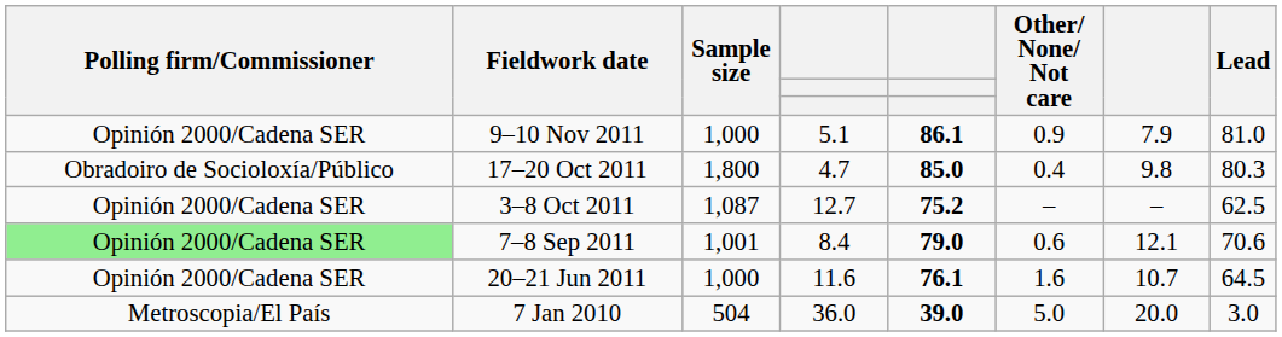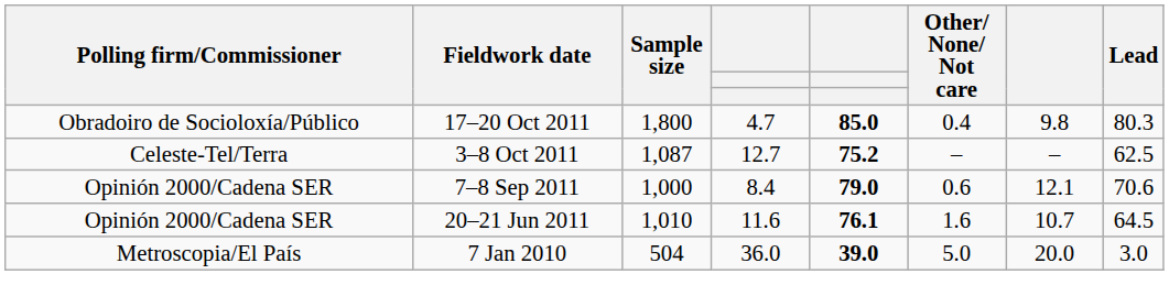 <table class="wikitable collapsible collapsed" style="text-align:center; font-size:90%; line-height:14px;">
 <tr style="height:42px;">
 <th style="width:250px;" rowspan="3">Polling firm/Commissioner</th>
 <th style="width:125px;" rowspan="3">Fieldwork date</th>
 <th style="width:50px;" rowspan="3">Sample size</th>
 <th style="width:55px;"></th>
 <th style="width:55px;"></th>
 <th style="width:55px;" rowspan="3">Other/<br>None/<br>Not<br>care</th>
 <th style="width:55px;" rowspan="3"></th>
 <th style="width:30px;" rowspan="3">Lead</th>
 </tr>
 <tr>
 <th style="color:inherit;background:"></th>
 <th style="color:inherit;background:"></th>
 </tr>
 <tr>
 <th></th>
 <th></th>
 </tr>
 <tr>
-<td>Opinión 2000/Cadena SER</td>
-<td>9–10 Nov 2011</td>
-<td>1,000</td>
-<td>5.1</td>
-<td><strong>86.1</strong></td>
-<td>0.9</td>
-<td>7.9</td>
-<td style="background:">81.0</td>
-</tr>
-<tr>
 <td>Obradoiro de Socioloxía/Público</td>
 <td>17–20 Oct 2011</td>
 <td>1,800</td>
 <td>4.7</td>
 <td><strong>85.0</strong></td>
 <td>0.4</td>
 <td>9.8</td>
 <td style="background:">80.3</td>
 </tr>
 <tr>
-<td>Opinión 2000/Cadena SER</td>
+<td>Celeste-Tel/Terra</td>
 <td>3–8 Oct 2011</td>
 <td>1,087</td>
 <td>12.7</td>
 <td><strong>75.2</strong></td>
 <td>–</td>
 <td>–</td>
 <td style="background:">62.5</td>
 </tr>
 <tr>
-<td style="background: lightgreen;">Opinión 2000/Cadena SER</td>
+<td>Opinión 2000/Cadena SER</td>
 <td>7–8 Sep 2011</td>
-<td>1,001</td>
+<td>1,000</td>
 <td>8.4</td>
 <td><strong>79.0</strong></td>
 <td>0.6</td>
 <td>12.1</td>
 <td style="background:">70.6</td>
 </tr>
 <tr>
 <td>Opinión 2000/Cadena SER</td>
 <td>20–21 Jun 2011</td>
-<td>1,000</td>
+<td>1,010</td>
 <td>11.6</td>
 <td><strong>76.1</strong></td>
 <td>1.6</td>
 <td>10.7</td>
 <td style="background:">64.5</td>
 </tr>
 <tr>
 <td>Metroscopia/El País</td>
 <td>7 Jan 2010</td>
 <td>504</td>
 <td>36.0</td>
 <td><strong>39.0</strong></td>
 <td>5.0</td>
 <td>20.0</td>
 <td style="background:">3.0</td>
 </tr>
 </table>
